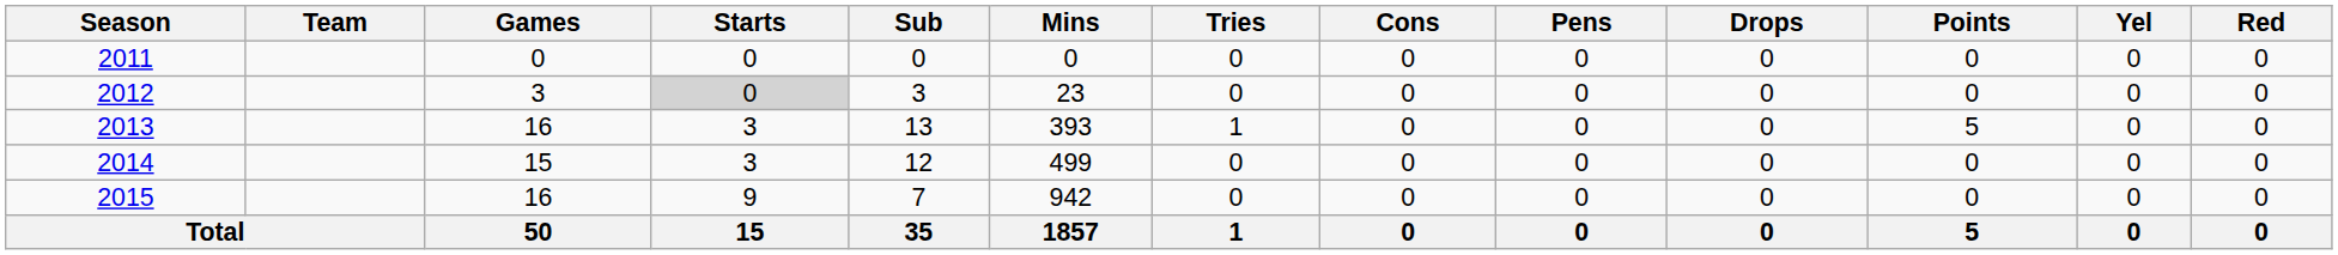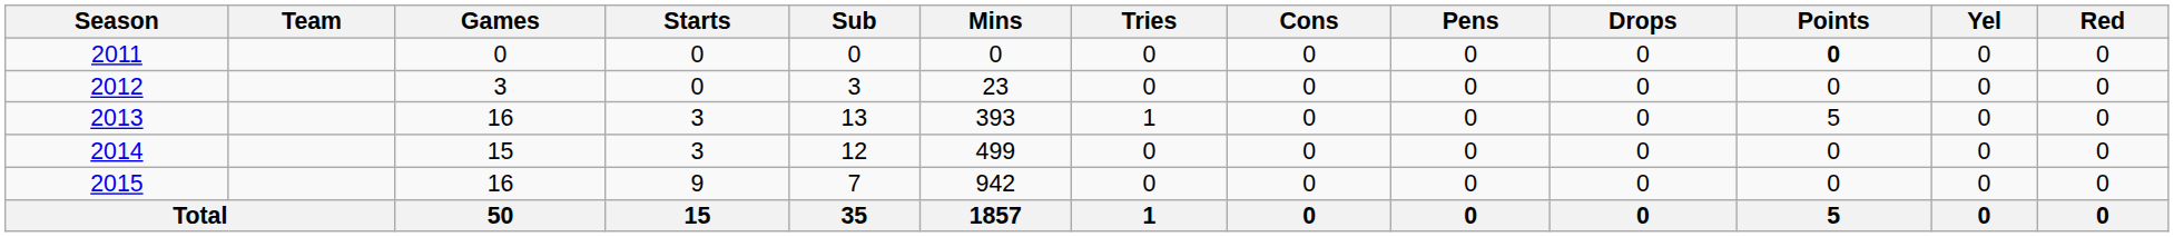 <table class="wikitable" style="text-align:center; line-height:90%; font-size:95%; width:70%;">
 <tr>
 <th>Season</th>
 <th>Team</th>
 <th>Games</th>
 <th>Starts</th>
 <th>Sub</th>
 <th>Mins</th>
 <th>Tries</th>
 <th>Cons</th>
 <th>Pens</th>
 <th>Drops</th>
 <th>Points</th>
 <th>Yel</th>
 <th>Red</th>
 </tr>
 <tr>
 <td><a href='#'>2011</a></td>
 <td></td>
 <td>0</td>
 <td>0</td>
 <td>0</td>
 <td>0</td>
 <td>0</td>
 <td>0</td>
 <td>0</td>
 <td>0</td>
-<td>0</td>
+<td><strong>0</strong></td>
 <td>0</td>
 <td>0</td>
 </tr>
 <tr>
 <td><a href='#'>2012</a></td>
 <td></td>
 <td>3</td>
-<td style="background: lightgrey;">0</td>
+<td>0</td>
 <td>3</td>
 <td>23</td>
 <td>0</td>
 <td>0</td>
 <td>0</td>
 <td>0</td>
 <td>0</td>
 <td>0</td>
 <td>0</td>
 </tr>
 <tr>
 <td><a href='#'>2013</a></td>
 <td></td>
 <td>16</td>
 <td>3</td>
 <td>13</td>
 <td>393</td>
 <td>1</td>
 <td>0</td>
 <td>0</td>
 <td>0</td>
 <td>5</td>
 <td>0</td>
 <td>0</td>
 </tr>
 <tr>
 <td><a href='#'>2014</a></td>
 <td></td>
 <td>15</td>
 <td>3</td>
 <td>12</td>
 <td>499</td>
 <td>0</td>
 <td>0</td>
 <td>0</td>
 <td>0</td>
 <td>0</td>
 <td>0</td>
 <td>0</td>
 </tr>
 <tr>
 <td><a href='#'>2015</a></td>
 <td></td>
 <td>16</td>
 <td>9</td>
 <td>7</td>
 <td>942</td>
 <td>0</td>
 <td>0</td>
 <td>0</td>
 <td>0</td>
 <td>0</td>
 <td>0</td>
 <td>0</td>
 </tr>
 <tr>
 <th colspan="2">Total</th>
 <th>50</th>
 <th>15</th>
 <th>35</th>
 <th>1857</th>
 <th>1</th>
 <th>0</th>
 <th>0</th>
 <th>0</th>
 <th>5</th>
 <th>0</th>
 <th>0</th>
 </tr>
 </table>
